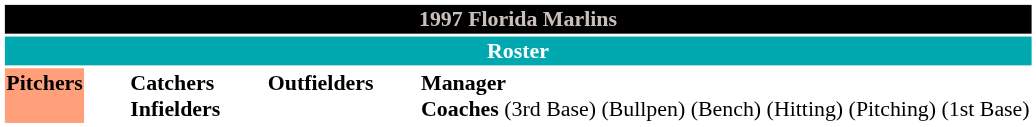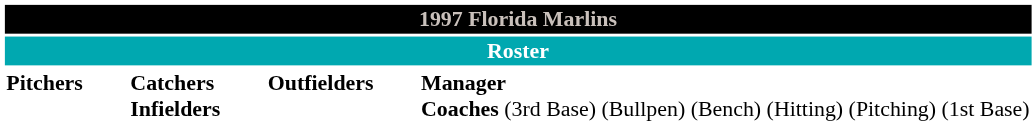 <table class="toccolours" style="font-size: 95%;">
 <tr>
 <th colspan="10" style="background-color: #000000; color: #C9C0BB; text-align: center;">1997 Florida Marlins</th>
 </tr>
 <tr>
 <td colspan="10" style="background-color: #00a8b0; color: white; text-align: center;"><strong>Roster</strong></td>
 </tr>
 <tr>
-<td valign="top" style="background: lightsalmon;"><strong>Pitchers</strong><br>                  </td>
+<td valign="top"><strong>Pitchers</strong><br>                  </td>
 <td width="25px"></td>
 <td valign="top"><strong>Catchers</strong><br>   <strong>Infielders</strong>          </td>
 <td width="25px"></td>
 <td valign="top"><strong>Outfielders</strong><br>          </td>
 <td width="25px"></td>
 <td valign="top"><strong>Manager</strong><br> <strong>Coaches</strong>  (3rd Base)  (Bullpen)  (Bench)  (Hitting)  (Pitching)  (1st Base)</td>
 </tr>
 <tr>
 </tr>
 </table>
